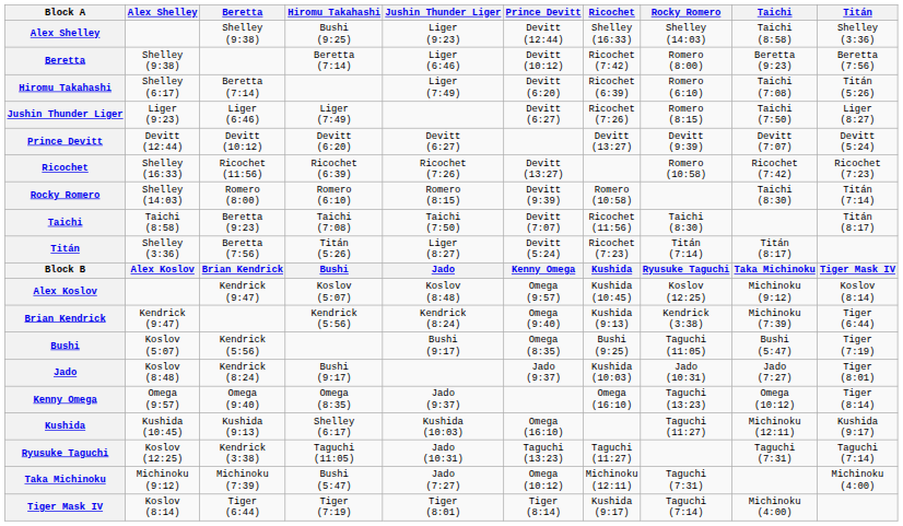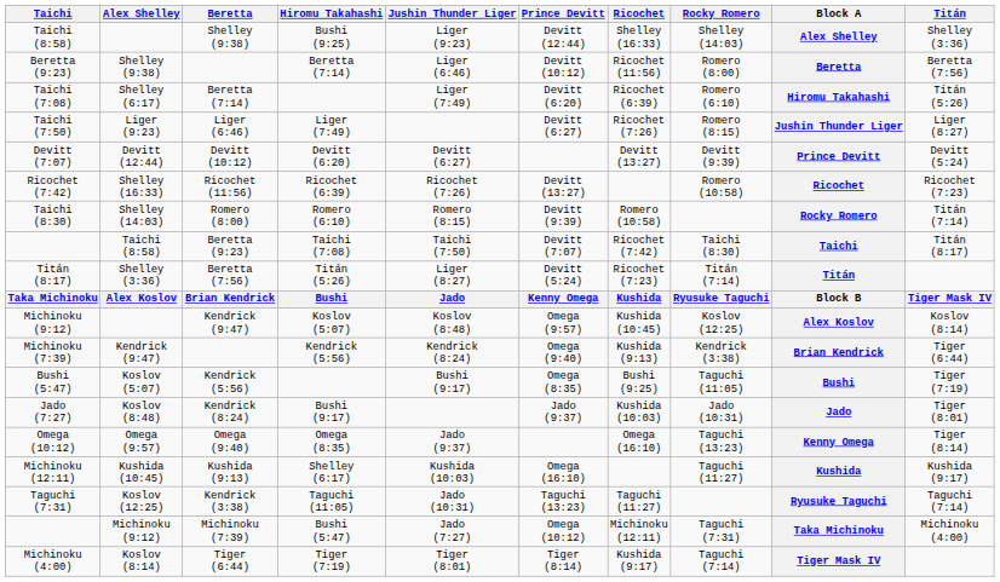 <table class="wikitable" style="margin: 1em auto 1em auto">
 <tr align="center">
-<th>Block A</th>
+<th><a href='#'>Taichi</a></th>
 <th><a href='#'>Alex Shelley</a></th>
 <th><a href='#'>Beretta</a></th>
 <th><a href='#'>Hiromu Takahashi</a></th>
 <th><a href='#'>Jushin Thunder Liger</a></th>
 <th><a href='#'>Prince Devitt</a></th>
 <th><a href='#'>Ricochet</a></th>
 <th><a href='#'>Rocky Romero</a></th>
-<th><a href='#'>Taichi</a></th>
+<th>Block A</th>
 <th><a href='#'>Titán</a></th>
 </tr>
 <tr align="center">
-<th><a href='#'>Alex Shelley</a></th>
+<td>Taichi<br>(8:58)</td>
 <td></td>
 <td>Shelley<br>(9:38)</td>
 <td>Bushi<br>(9:25)</td>
 <td>Liger<br>(9:23)</td>
 <td>Devitt<br>(12:44)</td>
 <td>Shelley<br>(16:33)</td>
 <td>Shelley<br>(14:03)</td>
-<td>Taichi<br>(8:58)</td>
+<th><a href='#'>Alex Shelley</a></th>
 <td>Shelley<br>(3:36)</td>
 </tr>
 <tr align="center">
-<th><a href='#'>Beretta</a></th>
+<td>Beretta<br>(9:23)</td>
 <td>Shelley<br>(9:38)</td>
 <td></td>
 <td>Beretta<br>(7:14)</td>
 <td>Liger<br>(6:46)</td>
 <td>Devitt<br>(10:12)</td>
-<td>Ricochet<br>(7:42)</td>
+<td>Ricochet<br>(11:56)</td>
 <td>Romero<br>(8:00)</td>
-<td>Beretta<br>(9:23)</td>
+<th><a href='#'>Beretta</a></th>
 <td>Beretta<br>(7:56)</td>
 </tr>
 <tr align="center">
-<th><a href='#'>Hiromu Takahashi</a></th>
+<td>Taichi<br>(7:08)</td>
 <td>Shelley<br>(6:17)</td>
 <td>Beretta<br>(7:14)</td>
 <td></td>
 <td>Liger<br>(7:49)</td>
 <td>Devitt<br>(6:20)</td>
 <td>Ricochet<br>(6:39)</td>
 <td>Romero<br>(6:10)</td>
-<td>Taichi<br>(7:08)</td>
+<th><a href='#'>Hiromu Takahashi</a></th>
 <td>Titán<br>(5:26)</td>
 </tr>
 <tr align="center">
-<th><a href='#'>Jushin Thunder Liger</a></th>
+<td>Taichi<br>(7:50)</td>
 <td>Liger<br>(9:23)</td>
 <td>Liger<br>(6:46)</td>
 <td>Liger<br>(7:49)</td>
 <td></td>
 <td>Devitt<br>(6:27)</td>
 <td>Ricochet<br>(7:26)</td>
 <td>Romero<br>(8:15)</td>
-<td>Taichi<br>(7:50)</td>
+<th><a href='#'>Jushin Thunder Liger</a></th>
 <td>Liger<br>(8:27)</td>
 </tr>
 <tr align="center">
-<th><a href='#'>Prince Devitt</a></th>
+<td>Devitt<br>(7:07)</td>
 <td>Devitt<br>(12:44)</td>
 <td>Devitt<br>(10:12)</td>
 <td>Devitt<br>(6:20)</td>
 <td>Devitt<br>(6:27)</td>
 <td></td>
 <td>Devitt<br>(13:27)</td>
 <td>Devitt<br>(9:39)</td>
-<td>Devitt<br>(7:07)</td>
+<th><a href='#'>Prince Devitt</a></th>
 <td>Devitt<br>(5:24)</td>
 </tr>
 <tr align="center">
-<th><a href='#'>Ricochet</a></th>
+<td>Ricochet<br>(7:42)</td>
 <td>Shelley<br>(16:33)</td>
 <td>Ricochet<br>(11:56)</td>
 <td>Ricochet<br>(6:39)</td>
 <td>Ricochet<br>(7:26)</td>
 <td>Devitt<br>(13:27)</td>
 <td></td>
 <td>Romero<br>(10:58)</td>
-<td>Ricochet<br>(7:42)</td>
+<th><a href='#'>Ricochet</a></th>
 <td>Ricochet<br>(7:23)</td>
 </tr>
 <tr align="center">
-<th><a href='#'>Rocky Romero</a></th>
+<td>Taichi<br>(8:30)</td>
 <td>Shelley<br>(14:03)</td>
 <td>Romero<br>(8:00)</td>
 <td>Romero<br>(6:10)</td>
 <td>Romero<br>(8:15)</td>
 <td>Devitt<br>(9:39)</td>
 <td>Romero<br>(10:58)</td>
 <td></td>
-<td>Taichi<br>(8:30)</td>
+<th><a href='#'>Rocky Romero</a></th>
 <td>Titán<br>(7:14)</td>
 </tr>
 <tr align="center">
-<th><a href='#'>Taichi</a></th>
+<td></td>
 <td>Taichi<br>(8:58)</td>
 <td>Beretta<br>(9:23)</td>
 <td>Taichi<br>(7:08)</td>
 <td>Taichi<br>(7:50)</td>
 <td>Devitt<br>(7:07)</td>
-<td>Ricochet<br>(11:56)</td>
+<td>Ricochet<br>(7:42)</td>
 <td>Taichi<br>(8:30)</td>
-<td></td>
+<th><a href='#'>Taichi</a></th>
 <td>Titán<br>(8:17)</td>
 </tr>
 <tr align="center">
-<th><a href='#'>Titán</a></th>
+<td>Titán<br>(8:17)</td>
 <td>Shelley<br>(3:36)</td>
 <td>Beretta<br>(7:56)</td>
 <td>Titán<br>(5:26)</td>
 <td>Liger<br>(8:27)</td>
 <td>Devitt<br>(5:24)</td>
 <td>Ricochet<br>(7:23)</td>
 <td>Titán<br>(7:14)</td>
-<td>Titán<br>(8:17)</td>
+<th><a href='#'>Titán</a></th>
 <td></td>
 </tr>
 <tr align="center">
-<th>Block B</th>
+<th><a href='#'>Taka Michinoku</a></th>
 <th><a href='#'>Alex Koslov</a></th>
 <th><a href='#'>Brian Kendrick</a></th>
 <th><a href='#'>Bushi</a></th>
 <th><a href='#'>Jado</a></th>
 <th><a href='#'>Kenny Omega</a></th>
 <th><a href='#'>Kushida</a></th>
 <th><a href='#'>Ryusuke Taguchi</a></th>
-<th><a href='#'>Taka Michinoku</a></th>
+<th>Block B</th>
 <th><a href='#'>Tiger Mask IV</a></th>
 </tr>
 <tr align="center">
-<th><a href='#'>Alex Koslov</a></th>
+<td>Michinoku<br>(9:12)</td>
 <td></td>
 <td>Kendrick<br>(9:47)</td>
 <td>Koslov<br>(5:07)</td>
 <td>Koslov<br>(8:48)</td>
 <td>Omega<br>(9:57)</td>
 <td>Kushida<br>(10:45)</td>
 <td>Koslov<br>(12:25)</td>
-<td>Michinoku<br>(9:12)</td>
+<th><a href='#'>Alex Koslov</a></th>
 <td>Koslov<br>(8:14)</td>
 </tr>
 <tr align="center">
-<th><a href='#'>Brian Kendrick</a></th>
+<td>Michinoku<br>(7:39)</td>
 <td>Kendrick<br>(9:47)</td>
 <td></td>
 <td>Kendrick<br>(5:56)</td>
 <td>Kendrick<br>(8:24)</td>
 <td>Omega<br>(9:40)</td>
 <td>Kushida<br>(9:13)</td>
 <td>Kendrick<br>(3:38)</td>
-<td>Michinoku<br>(7:39)</td>
+<th><a href='#'>Brian Kendrick</a></th>
 <td>Tiger<br>(6:44)</td>
 </tr>
 <tr align="center">
-<th><a href='#'>Bushi</a></th>
+<td>Bushi<br>(5:47)</td>
 <td>Koslov<br>(5:07)</td>
 <td>Kendrick<br>(5:56)</td>
 <td></td>
 <td>Bushi<br>(9:17)</td>
 <td>Omega<br>(8:35)</td>
 <td>Bushi<br>(9:25)</td>
 <td>Taguchi<br>(11:05)</td>
-<td>Bushi<br>(5:47)</td>
+<th><a href='#'>Bushi</a></th>
 <td>Tiger<br>(7:19)</td>
 </tr>
 <tr align="center">
-<th><a href='#'>Jado</a></th>
+<td>Jado<br>(7:27)</td>
 <td>Koslov<br>(8:48)</td>
 <td>Kendrick<br>(8:24)</td>
 <td>Bushi<br>(9:17)</td>
 <td></td>
 <td>Jado<br>(9:37)</td>
 <td>Kushida<br>(10:03)</td>
 <td>Jado<br>(10:31)</td>
-<td>Jado<br>(7:27)</td>
+<th><a href='#'>Jado</a></th>
 <td>Tiger<br>(8:01)</td>
 </tr>
 <tr align="center">
-<th><a href='#'>Kenny Omega</a></th>
+<td>Omega<br>(10:12)</td>
 <td>Omega<br>(9:57)</td>
 <td>Omega<br>(9:40)</td>
 <td>Omega<br>(8:35)</td>
 <td>Jado<br>(9:37)</td>
 <td></td>
 <td>Omega<br>(16:10)</td>
 <td>Taguchi<br>(13:23)</td>
-<td>Omega<br>(10:12)</td>
+<th><a href='#'>Kenny Omega</a></th>
 <td>Tiger<br>(8:14)</td>
 </tr>
 <tr align="center">
-<th><a href='#'>Kushida</a></th>
+<td>Michinoku<br>(12:11)</td>
 <td>Kushida<br>(10:45)</td>
 <td>Kushida<br>(9:13)</td>
 <td>Shelley<br>(6:17)</td>
 <td>Kushida<br>(10:03)</td>
 <td>Omega<br>(16:10)</td>
 <td></td>
 <td>Taguchi<br>(11:27)</td>
-<td>Michinoku<br>(12:11)</td>
+<th><a href='#'>Kushida</a></th>
 <td>Kushida<br>(9:17)</td>
 </tr>
 <tr align="center">
-<th><a href='#'>Ryusuke Taguchi</a></th>
+<td>Taguchi<br>(7:31)</td>
 <td>Koslov<br>(12:25)</td>
 <td>Kendrick<br>(3:38)</td>
 <td>Taguchi<br>(11:05)</td>
 <td>Jado<br>(10:31)</td>
 <td>Taguchi<br>(13:23)</td>
 <td>Taguchi<br>(11:27)</td>
 <td></td>
-<td>Taguchi<br>(7:31)</td>
+<th><a href='#'>Ryusuke Taguchi</a></th>
 <td>Taguchi<br>(7:14)</td>
 </tr>
 <tr align="center">
-<th><a href='#'>Taka Michinoku</a></th>
+<td></td>
 <td>Michinoku<br>(9:12)</td>
 <td>Michinoku<br>(7:39)</td>
 <td>Bushi<br>(5:47)</td>
 <td>Jado<br>(7:27)</td>
 <td>Omega<br>(10:12)</td>
 <td>Michinoku<br>(12:11)</td>
 <td>Taguchi<br>(7:31)</td>
-<td></td>
+<th><a href='#'>Taka Michinoku</a></th>
 <td>Michinoku<br>(4:00)</td>
 </tr>
 <tr align="center">
-<th><a href='#'>Tiger Mask IV</a></th>
+<td>Michinoku<br>(4:00)</td>
 <td>Koslov<br>(8:14)</td>
 <td>Tiger<br>(6:44)</td>
 <td>Tiger<br>(7:19)</td>
 <td>Tiger<br>(8:01)</td>
 <td>Tiger<br>(8:14)</td>
 <td>Kushida<br>(9:17)</td>
 <td>Taguchi<br>(7:14)</td>
-<td>Michinoku<br>(4:00)</td>
+<th><a href='#'>Tiger Mask IV</a></th>
 <td></td>
 </tr>
 </table>
